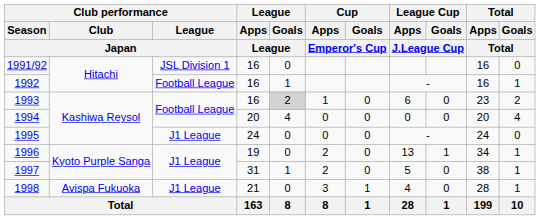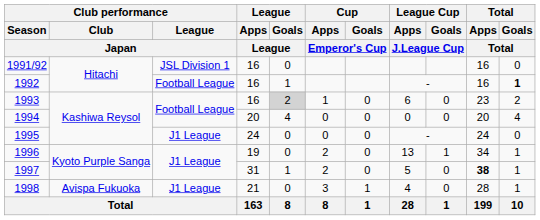 <table class="wikitable" style="text-align:center;">
 <tr>
 <th colspan=3>Club performance</th>
 <th colspan=2>League</th>
 <th colspan=2>Cup</th>
 <th colspan=2>League Cup</th>
 <th colspan=2>Total</th>
 </tr>
 <tr>
 <th>Season</th>
 <th>Club</th>
 <th>League</th>
 <th>Apps</th>
 <th>Goals</th>
 <th>Apps</th>
 <th>Goals</th>
 <th>Apps</th>
 <th>Goals</th>
 <th>Apps</th>
 <th>Goals</th>
 </tr>
 <tr>
 <th colspan=3>Japan</th>
 <th colspan=2>League</th>
 <th colspan=2><a href='#'>Emperor's Cup</a></th>
 <th colspan=2><a href='#'>J.League Cup</a></th>
 <th colspan=2>Total</th>
 </tr>
 <tr>
 <td><a href='#'>1991/92</a></td>
 <td rowspan="2"><a href='#'>Hitachi</a></td>
 <td><a href='#'>JSL Division 1</a></td>
 <td>16</td>
 <td>0</td>
 <td></td>
 <td></td>
 <td></td>
 <td></td>
 <td>16</td>
 <td>0</td>
 </tr>
 <tr>
 <td><a href='#'>1992</a></td>
 <td><a href='#'>Football League</a></td>
 <td>16</td>
 <td>1</td>
 <td></td>
 <td></td>
 <td colspan="2">-</td>
 <td>16</td>
-<td>1</td>
+<td><strong>1</strong></td>
 </tr>
 <tr>
 <td><a href='#'>1993</a></td>
 <td rowspan="3"><a href='#'>Kashiwa Reysol</a></td>
 <td rowspan="2"><a href='#'>Football League</a></td>
 <td>16</td>
 <td style="background: lightgrey;">2</td>
 <td>1</td>
 <td>0</td>
 <td>6</td>
 <td>0</td>
 <td>23</td>
 <td>2</td>
 </tr>
 <tr>
 <td><a href='#'>1994</a></td>
 <td>20</td>
 <td>4</td>
 <td>0</td>
 <td>0</td>
 <td>0</td>
 <td>0</td>
 <td>20</td>
 <td>4</td>
 </tr>
 <tr>
 <td><a href='#'>1995</a></td>
 <td><a href='#'>J1 League</a></td>
 <td>24</td>
 <td>0</td>
 <td>0</td>
 <td>0</td>
 <td colspan="2">-</td>
 <td>24</td>
 <td>0</td>
 </tr>
 <tr>
 <td><a href='#'>1996</a></td>
 <td rowspan="2"><a href='#'>Kyoto Purple Sanga</a></td>
 <td rowspan="2"><a href='#'>J1 League</a></td>
 <td>19</td>
 <td>0</td>
 <td>2</td>
 <td>0</td>
 <td>13</td>
 <td>1</td>
 <td>34</td>
 <td>1</td>
 </tr>
 <tr>
 <td><a href='#'>1997</a></td>
 <td>31</td>
 <td>1</td>
 <td>2</td>
 <td>0</td>
 <td>5</td>
 <td>0</td>
-<td>38</td>
+<td><strong>38</strong></td>
 <td>1</td>
 </tr>
 <tr>
 <td><a href='#'>1998</a></td>
 <td><a href='#'>Avispa Fukuoka</a></td>
 <td><a href='#'>J1 League</a></td>
 <td>21</td>
 <td>0</td>
 <td>3</td>
 <td>1</td>
 <td>4</td>
 <td>0</td>
 <td>28</td>
 <td>1</td>
 </tr>
 <tr>
 <th colspan=3>Total</th>
 <th>163</th>
 <th>8</th>
 <th>8</th>
 <th>1</th>
 <th>28</th>
 <th>1</th>
 <th>199</th>
 <th>10</th>
 </tr>
 </table>
